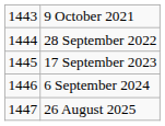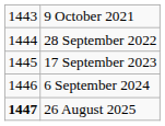 <table class="wikitable">
 <tr>
 <td>1443</td>
 <td>9 October 2021</td>
 </tr>
 <tr>
 <td>1444</td>
 <td>28 September 2022</td>
 </tr>
 <tr>
 <td>1445</td>
 <td>17 September 2023</td>
 </tr>
 <tr>
 <td>1446</td>
 <td>6 September 2024</td>
 </tr>
 <tr>
-<td>1447</td>
+<td><strong>1447</strong></td>
 <td>26 August 2025</td>
 </tr>
 </table>
